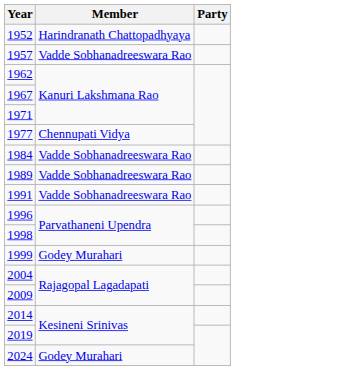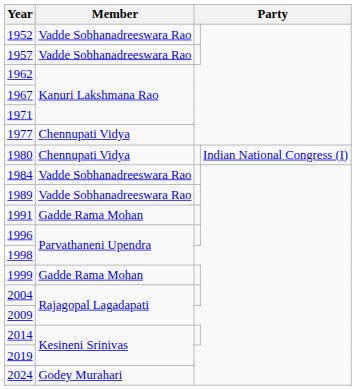 <table class="wikitable sortable">
 <tr>
 <th>Year</th>
 <th>Member</th>
 <th colspan="2">Party</th>
 </tr>
 <tr>
 <td><a href='#'>1952</a></td>
-<td><a href='#'>Harindranath Chattopadhyaya</a></td>
+<td><a href='#'>Vadde Sobhanadreeswara Rao</a></td>
 <td></td>
 </tr>
 <tr>
 <td><a href='#'>1957</a></td>
 <td><a href='#'>Vadde Sobhanadreeswara Rao</a></td>
 <td></td>
 </tr>
 <tr>
 <td><a href='#'>1962</a></td>
 <td rowspan="3"><a href='#'>Kanuri Lakshmana Rao</a></td>
 </tr>
 <tr>
 <td><a href='#'>1967</a></td>
 </tr>
 <tr>
 <td><a href='#'>1971</a></td>
 </tr>
 <tr>
 <td><a href='#'>1977</a></td>
 <td><a href='#'>Chennupati Vidya</a></td>
 </tr>
 <tr>
+<td><a href='#'>1980</a></td>
+<td><a href='#'>Chennupati Vidya</a></td>
+<td style="background-color: "></td>
+<td><a href='#'>Indian National Congress (I)</a></td>
+</tr>
+<tr>
 <td><a href='#'>1984</a></td>
 <td><a href='#'>Vadde Sobhanadreeswara Rao</a></td>
 <td></td>
 </tr>
 <tr>
 <td><a href='#'>1989</a></td>
 <td><a href='#'>Vadde Sobhanadreeswara Rao</a></td>
 <td></td>
 </tr>
 <tr>
 <td><a href='#'>1991</a></td>
-<td><a href='#'>Vadde Sobhanadreeswara Rao</a></td>
+<td><a href='#'>Gadde Rama Mohan</a></td>
 <td></td>
 </tr>
 <tr>
 <td><a href='#'>1996</a></td>
 <td rowspan="2"><a href='#'>Parvathaneni Upendra</a></td>
 <td></td>
 </tr>
 <tr>
 <td><a href='#'>1998</a></td>
 </tr>
 <tr>
 <td><a href='#'>1999</a></td>
-<td><a href='#'>Godey Murahari</a></td>
+<td><a href='#'>Gadde Rama Mohan</a></td>
 <td></td>
 </tr>
 <tr>
 <td><a href='#'>2004</a></td>
 <td rowspan="2"><a href='#'>Rajagopal Lagadapati</a></td>
 <td></td>
 </tr>
 <tr>
 <td><a href='#'>2009</a></td>
 </tr>
 <tr>
 <td><a href='#'>2014</a></td>
 <td rowspan="2"><a href='#'>Kesineni Srinivas</a></td>
 <td></td>
 </tr>
 <tr>
 <td><a href='#'>2019</a></td>
 </tr>
 <tr>
 <td><a href='#'>2024</a></td>
 <td><a href='#'>Godey Murahari</a></td>
 </tr>
 </table>
